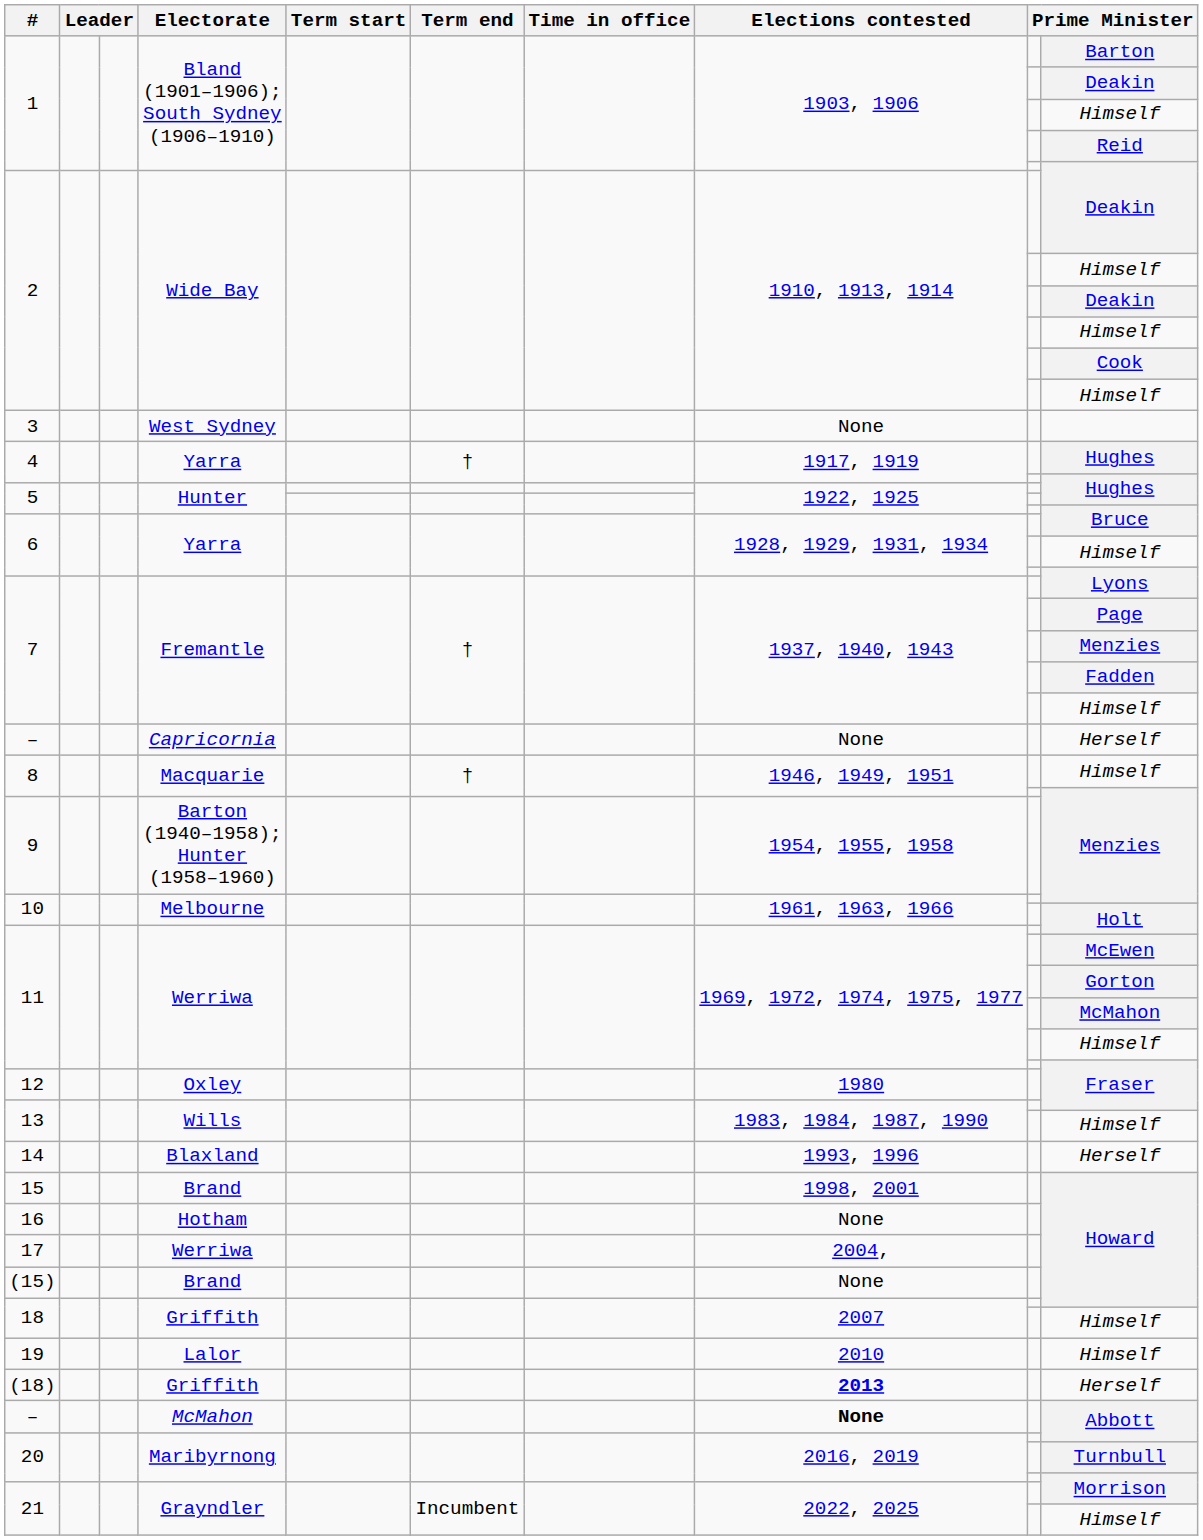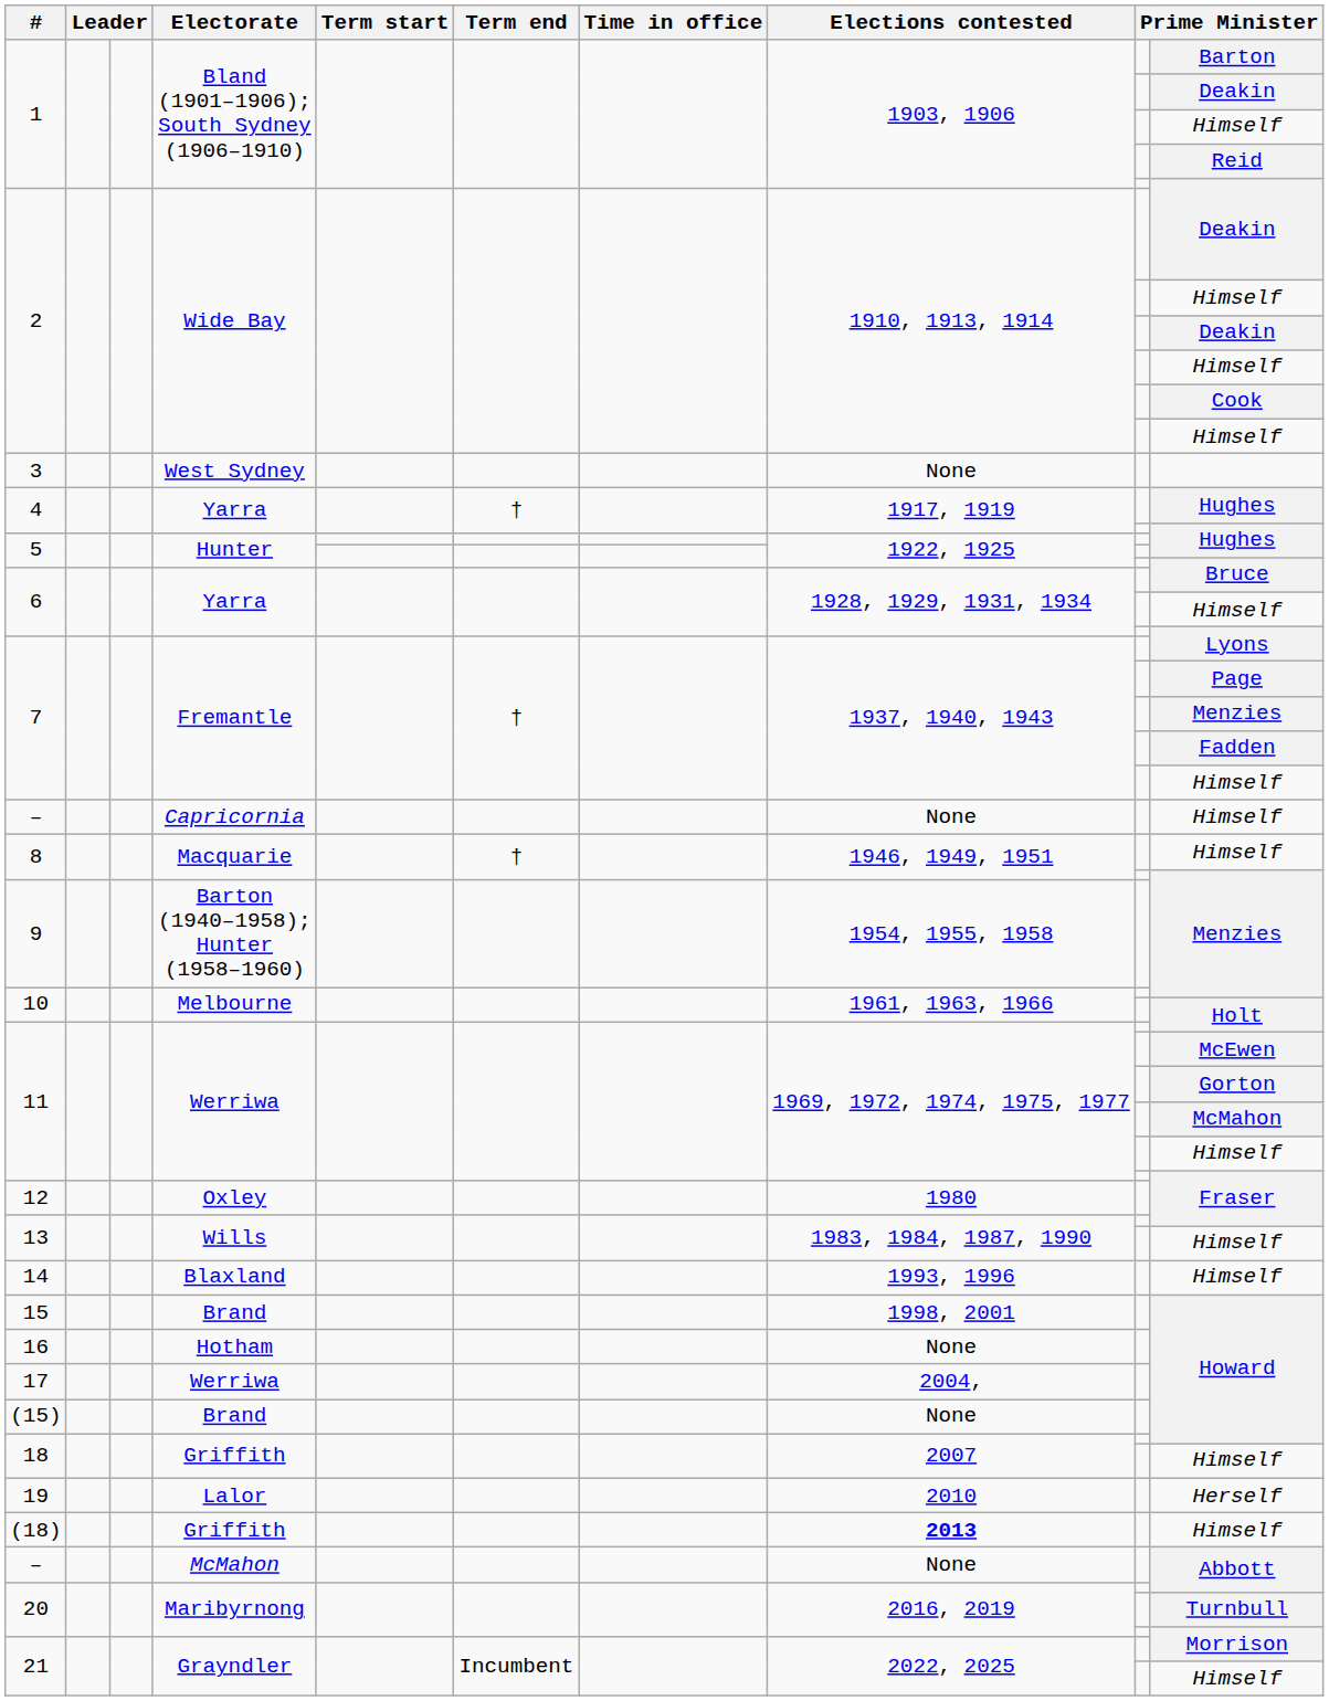 <table class="wikitable sortable" style="text-align:center">
 <tr>
 <th>#</th>
 <th colspan=2>Leader<br></th>
 <th>Electorate</th>
 <th>Term start</th>
 <th>Term end</th>
 <th>Time in office</th>
 <th>Elections contested</th>
 <th colspan=2>Prime Minister </th>
 </tr>
 <tr>
 <td rowspan=5>1</td>
 <td rowspan=5></td>
 <td rowspan=5><br></td>
 <td rowspan=5><a href='#'>Bland</a><br>(1901–1906);<br><a href='#'>South Sydney</a><br>(1906–1910)</td>
 <td rowspan=5></td>
 <td rowspan=5></td>
 <td rowspan=5></td>
 <td rowspan=5><a href='#'>1903</a>, <a href='#'>1906</a></td>
 <td style="background-color: "></td>
 <th style="font-weight:normal"><a href='#'>Barton</a> <small></small></th>
 </tr>
 <tr>
 <td style="background-color: "></td>
 <th style="font-weight:normal"><a href='#'>Deakin</a> <small></small></th>
 </tr>
 <tr>
 <td style="background-color: "></td>
 <td><em>Himself</em> <small></small></td>
 </tr>
 <tr>
 <td style="background-color: "></td>
 <th style="font-weight:normal"><a href='#'>Reid</a> <small></small></th>
 </tr>
 <tr>
 <td style="background-color: "></td>
 <th rowspan=2 style="font-weight:normal"><a href='#'>Deakin</a> <small></small></th>
 </tr>
 <tr>
 <td rowspan=6>2</td>
 <td rowspan=6></td>
 <td rowspan=6><br></td>
 <td rowspan=6><a href='#'>Wide Bay</a></td>
 <td rowspan=6></td>
 <td rowspan=6></td>
 <td rowspan=6></td>
 <td rowspan=6><a href='#'>1910</a>, <a href='#'>1913</a>, <a href='#'>1914</a></td>
 <td height=50 style="background-color: "></td>
 </tr>
 <tr>
 <td style="background-color: "></td>
 <td><em>Himself</em> <small></small></td>
 </tr>
 <tr>
 <td style="background-color: "></td>
 <th style="font-weight:normal"><a href='#'>Deakin</a> <small></small></th>
 </tr>
 <tr>
 <td style="background-color: "></td>
 <td><em>Himself</em> <small></small></td>
 </tr>
 <tr>
 <td style="background-color: "></td>
 <th style="font-weight:normal"><a href='#'>Cook</a> <small></small></th>
 </tr>
 <tr>
 <td style="background-color: "></td>
 <td><em>Himself</em> <small></small></td>
 </tr>
 <tr>
 <td>3</td>
 <td></td>
 <td><br></td>
 <td><a href='#'>West Sydney</a></td>
 <td></td>
 <td></td>
 <td></td>
 <td>None</td>
 <td style="background-color: "></td>
 </tr>
 <tr>
 <td rowspan=2>4</td>
 <td rowspan=2></td>
 <td rowspan=2><br></td>
 <td rowspan=2><a href='#'>Yarra</a></td>
 <td rowspan=2></td>
 <td rowspan=2>†</td>
 <td rowspan=2></td>
 <td rowspan=2><a href='#'>1917</a>, <a href='#'>1919</a></td>
 <td style="background-color: "></td>
 <th style="font-weight:normal"><a href='#'>Hughes</a> <small></small></th>
 </tr>
 <tr>
 <td style="background-color: "></td>
 <th rowspan=3 style="font-weight:normal"><a href='#'>Hughes</a> <small></small></th>
 </tr>
 <tr>
 <td rowspan=3>5</td>
 <td rowspan=3></td>
 <td rowspan=3><br></td>
 <td rowspan=3><a href='#'>Hunter</a></td>
 <td><em></em></td>
 <td><em></em></td>
 <td><em></em></td>
 <td rowspan=3><a href='#'>1922</a>, <a href='#'>1925</a></td>
 <td style="background-color: "></td>
 </tr>
 <tr>
 <td rowspan=2></td>
 <td rowspan=2></td>
 <td rowspan=2></td>
 <td style="background-color: "></td>
 </tr>
 <tr>
 <td style="background-color: "></td>
 <th rowspan=2 style="font-weight:normal"><a href='#'>Bruce</a> <small></small></th>
 </tr>
 <tr>
 <td rowspan=3>6</td>
 <td rowspan=3></td>
 <td rowspan=3><br></td>
 <td rowspan=3><a href='#'>Yarra</a></td>
 <td rowspan=3></td>
 <td rowspan=3></td>
 <td rowspan=3></td>
 <td rowspan=3><a href='#'>1928</a>, <a href='#'>1929</a>, <a href='#'>1931</a>, <a href='#'>1934</a></td>
 <td style="background-color: "></td>
 </tr>
 <tr>
 <td style="background-color: "></td>
 <td><em>Himself</em> <small></small></td>
 </tr>
 <tr>
 <td style="background-color: "></td>
 <th rowspan=2 style="font-weight:normal"><a href='#'>Lyons</a> <small></small></th>
 </tr>
 <tr>
 <td rowspan=5>7</td>
 <td rowspan=5></td>
 <td rowspan=5><br></td>
 <td rowspan=5><a href='#'>Fremantle</a></td>
 <td rowspan=5></td>
 <td rowspan=5>†</td>
 <td rowspan=5></td>
 <td rowspan=5><a href='#'>1937</a>, <a href='#'>1940</a>, <a href='#'>1943</a></td>
 <td style="background-color: "></td>
 </tr>
 <tr>
 <td style="background-color: "></td>
 <th style="font-weight:normal"><a href='#'>Page</a> <small></small></th>
 </tr>
 <tr>
 <td style="background-color: "></td>
 <th style="font-weight:normal"><a href='#'>Menzies</a> <small></small></th>
 </tr>
 <tr>
 <td style="background-color: "></td>
 <th style="font-weight:normal"><a href='#'>Fadden</a> <small></small></th>
 </tr>
 <tr>
 <td style="background-color: "></td>
 <td><em>Himself</em> <small></small></td>
 </tr>
 <tr>
 <td>–</td>
 <td></td>
 <td><em><br></em></td>
 <td><em><a href='#'>Capricornia</a></em></td>
 <td><em></em></td>
 <td><em></em></td>
 <td><em></em></td>
 <td>None</td>
 <td style="background-color: "></td>
-<td><em>Herself</em> <small></small></td>
+<td><em>Himself</em> <small></small></td>
 </tr>
 <tr>
 <td rowspan=2>8</td>
 <td rowspan=2></td>
 <td rowspan=2><br></td>
 <td rowspan=2><a href='#'>Macquarie</a></td>
 <td rowspan=2></td>
 <td rowspan=2>†</td>
 <td rowspan=2></td>
 <td rowspan=2><a href='#'>1946</a>, <a href='#'>1949</a>, <a href='#'>1951</a></td>
 <td style="background-color: "></td>
 <td><em>Himself</em> <small></small></td>
 </tr>
 <tr>
 <td style="background-color: "></td>
 <th rowspan=3 style="font-weight:normal"><a href='#'>Menzies</a> <small></small></th>
 </tr>
 <tr>
 <td>9</td>
 <td></td>
 <td><br></td>
 <td><a href='#'>Barton</a><br>(1940–1958);<br><a href='#'>Hunter</a><br>(1958–1960)</td>
 <td></td>
 <td></td>
 <td></td>
 <td><a href='#'>1954</a>, <a href='#'>1955</a>, <a href='#'>1958</a></td>
 <td style="background-color: "></td>
 </tr>
 <tr>
 <td rowspan=2>10</td>
 <td rowspan=2></td>
 <td rowspan=2><br></td>
 <td rowspan=2><a href='#'>Melbourne</a></td>
 <td rowspan=2></td>
 <td rowspan=2></td>
 <td rowspan=2></td>
 <td rowspan=2><a href='#'>1961</a>, <a href='#'>1963</a>, <a href='#'>1966</a></td>
 <td style="background-color: "></td>
 </tr>
 <tr>
 <td style="background-color: "></td>
 <th rowspan=2 style="font-weight:normal"><a href='#'>Holt</a> <small></small></th>
 </tr>
 <tr>
 <td rowspan=6>11</td>
 <td rowspan=6></td>
 <td rowspan=6><br></td>
 <td rowspan=6><a href='#'>Werriwa</a></td>
 <td rowspan=6></td>
 <td rowspan=6></td>
 <td rowspan=6></td>
 <td rowspan=6><a href='#'>1969</a>, <a href='#'>1972</a>, <a href='#'>1974</a>, <a href='#'>1975</a>, <a href='#'>1977</a></td>
 <td style="background-color: "></td>
 </tr>
 <tr>
 <td style="background-color: "></td>
 <th style="font-weight:normal"><a href='#'>McEwen</a> <small></small></th>
 </tr>
 <tr>
 <td style="background-color: "></td>
 <th style="font-weight:normal"><a href='#'>Gorton</a> <small></small></th>
 </tr>
 <tr>
 <td style="background-color: "></td>
 <th style="font-weight:normal"><a href='#'>McMahon</a> <small></small></th>
 </tr>
 <tr>
 <td style="background-color: "></td>
 <td><em>Himself</em> <small></small></td>
 </tr>
 <tr>
 <td style="background-color: "></td>
 <th rowspan=3 style="font-weight:normal"><a href='#'>Fraser</a> <small></small></th>
 </tr>
 <tr>
 <td>12</td>
 <td></td>
 <td><br></td>
 <td><a href='#'>Oxley</a></td>
 <td></td>
 <td></td>
 <td></td>
 <td><a href='#'>1980</a></td>
 <td style="background-color: "></td>
 </tr>
 <tr>
 <td rowspan=2>13</td>
 <td rowspan=2></td>
 <td rowspan=2><br></td>
 <td rowspan=2><a href='#'>Wills</a></td>
 <td rowspan=2></td>
 <td rowspan=2></td>
 <td rowspan=2></td>
 <td rowspan=2><a href='#'>1983</a>, <a href='#'>1984</a>, <a href='#'>1987</a>, <a href='#'>1990</a></td>
 <td style="background-color: "></td>
 </tr>
 <tr>
 <td style="background-color: "></td>
 <td><em>Himself</em> <small></small></td>
 </tr>
 <tr>
 <td>14</td>
 <td></td>
 <td><br></td>
 <td><a href='#'>Blaxland</a></td>
 <td></td>
 <td></td>
 <td></td>
 <td><a href='#'>1993</a>, <a href='#'>1996</a></td>
 <td style="background-color: "></td>
-<td><em>Herself</em> <small></small></td>
+<td><em>Himself</em> <small></small></td>
 </tr>
 <tr>
 <td>15</td>
 <td></td>
 <td><br></td>
 <td><a href='#'>Brand</a></td>
 <td></td>
 <td></td>
 <td></td>
 <td><a href='#'>1998</a>, <a href='#'>2001</a></td>
 <td style="background-color: "></td>
 <th rowspan=5 style="font-weight:normal"><a href='#'>Howard</a> <small></small></th>
 </tr>
 <tr>
 <td>16</td>
 <td></td>
 <td><br></td>
 <td><a href='#'>Hotham</a></td>
 <td></td>
 <td></td>
 <td></td>
 <td>None</td>
 <td style="background-color: "></td>
 </tr>
 <tr>
 <td>17</td>
 <td></td>
 <td><br></td>
 <td><a href='#'>Werriwa</a></td>
 <td></td>
 <td></td>
 <td></td>
 <td><a href='#'>2004</a>,</td>
 <td style="background-color: "></td>
 </tr>
 <tr>
 <td>(15)</td>
 <td></td>
 <td><br></td>
 <td><a href='#'>Brand</a></td>
 <td></td>
 <td></td>
 <td></td>
 <td>None</td>
 <td style="background-color: "></td>
 </tr>
 <tr>
 <td rowspan=2>18</td>
 <td rowspan=2></td>
 <td rowspan=2><br></td>
 <td rowspan=2><a href='#'>Griffith</a></td>
 <td rowspan=2></td>
 <td rowspan=2></td>
 <td rowspan=2></td>
 <td rowspan=2><a href='#'>2007</a></td>
 <td style="background-color: "></td>
 </tr>
 <tr>
 <td style="background-color: "></td>
 <td><em>Himself</em> <small></small></td>
 </tr>
 <tr>
 <td>19</td>
 <td></td>
 <td><br></td>
 <td><a href='#'>Lalor</a></td>
 <td></td>
 <td></td>
 <td></td>
 <td><a href='#'>2010</a></td>
 <td style="background-color: "></td>
-<td><em>Himself</em> <small></small></td>
+<td><em>Herself</em> <small></small></td>
 </tr>
 <tr>
 <td>(18)</td>
 <td></td>
 <td><br></td>
 <td><a href='#'>Griffith</a></td>
 <td></td>
 <td></td>
 <td></td>
 <td><strong><a href='#'>2013</a></strong></td>
 <td style="background-color: "></td>
-<td><em>Herself</em> <small></small></td>
+<td><em>Himself</em> <small></small></td>
 </tr>
 <tr>
 <td>–</td>
 <td></td>
 <td><em><br></em></td>
 <td><em><a href='#'>McMahon</a></em></td>
 <td><em></em></td>
 <td><em></em></td>
 <td><em></em></td>
-<td><strong>None</strong></td>
+<td>None</td>
 <td style="background-color: "></td>
 <th rowspan=2 style="font-weight:normal"><a href='#'>Abbott</a> <small></small></th>
 </tr>
 <tr>
 <td rowspan=3>20</td>
 <td rowspan=3></td>
 <td rowspan=3><br></td>
 <td rowspan=3><a href='#'>Maribyrnong</a></td>
 <td rowspan=3></td>
 <td rowspan=3></td>
 <td rowspan=3></td>
 <td rowspan=3><a href='#'>2016</a>, <a href='#'>2019</a></td>
 <td style="background-color: "></td>
 </tr>
 <tr>
 <td style="background-color: "></td>
 <th style="font-weight:normal"><a href='#'>Turnbull</a> <small></small></th>
 </tr>
 <tr>
 <td style="background-color: "></td>
 <th rowspan=2 style="font-weight:normal"><a href='#'>Morrison</a> <small></small></th>
 </tr>
 <tr>
 <td rowspan=2>21</td>
 <td rowspan=2></td>
 <td rowspan=2><br></td>
 <td rowspan=2><a href='#'>Grayndler</a></td>
 <td rowspan=2></td>
 <td rowspan=2>Incumbent</td>
 <td rowspan=2></td>
 <td rowspan=2><a href='#'>2022</a>, <a href='#'>2025</a></td>
 <td style="background-color: "></td>
 </tr>
 <tr>
 <td style="background-color: "></td>
 <td><em>Himself</em> <small></small></td>
 </tr>
 </table>
